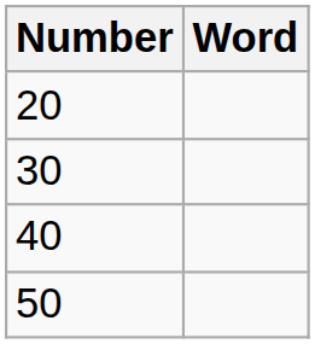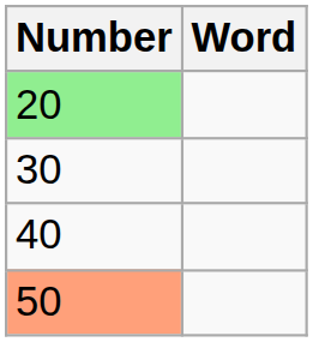 <table class="wikitable">
 <tr>
 <th>Number</th>
 <th>Word</th>
 </tr>
 <tr>
-<td>20</td>
+<td style="background: lightgreen;">20</td>
 <td><em></em> </td>
 </tr>
 <tr>
 <td>30</td>
 <td><em></em> </td>
 </tr>
 <tr>
 <td>40</td>
 <td><em></em> </td>
 </tr>
 <tr>
-<td>50</td>
+<td style="background: lightsalmon;">50</td>
 <td><em></em> </td>
 </tr>
 </table>
